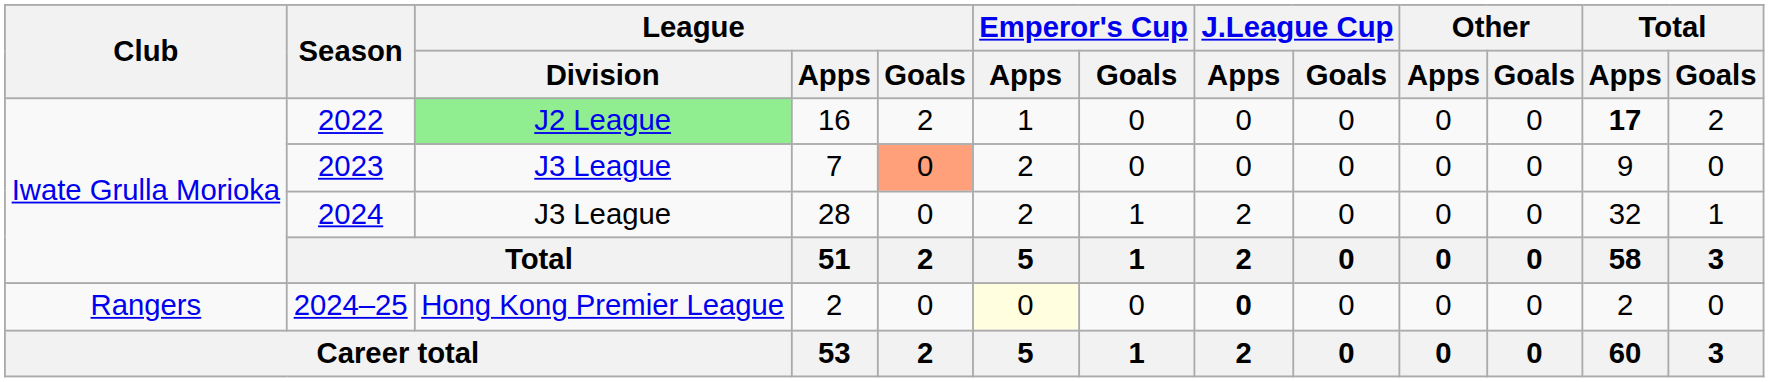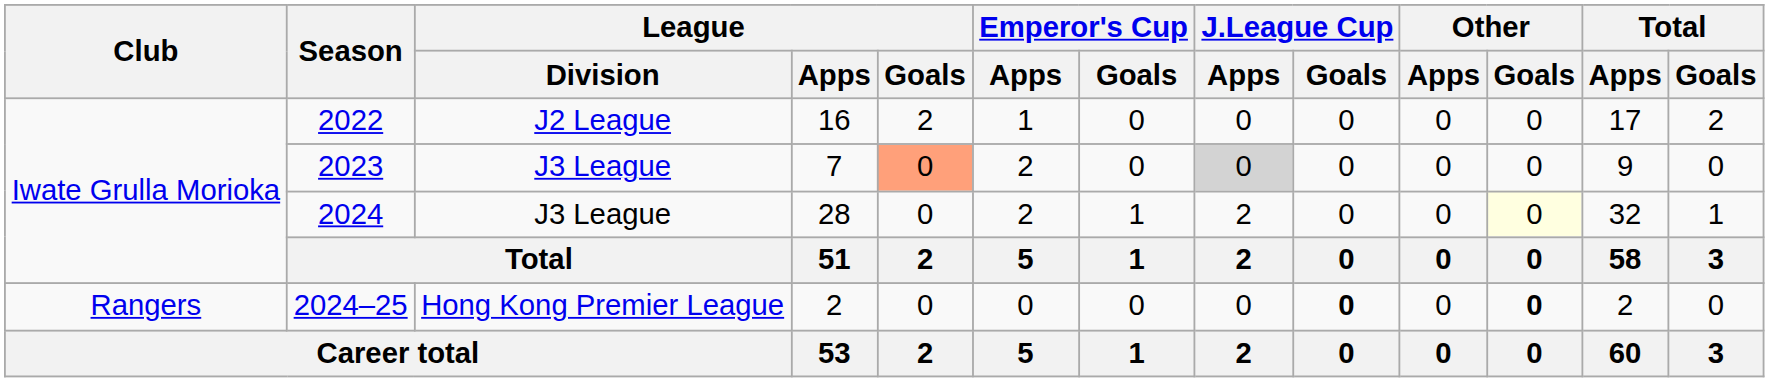 <table class="wikitable" style="text-align: center">
 <tr>
 <th rowspan="2">Club</th>
 <th rowspan="2">Season</th>
 <th colspan="3">League</th>
 <th colspan="2"><a href='#'>Emperor's Cup</a></th>
 <th colspan="2"><a href='#'>J.League Cup</a></th>
 <th colspan="2">Other</th>
 <th colspan="2">Total</th>
 </tr>
 <tr>
 <th>Division</th>
 <th>Apps</th>
 <th>Goals</th>
 <th>Apps</th>
 <th>Goals</th>
 <th>Apps</th>
 <th>Goals</th>
 <th>Apps</th>
 <th>Goals</th>
 <th>Apps</th>
 <th>Goals</th>
 </tr>
 <tr>
 <td rowspan="4"><a href='#'>Iwate Grulla Morioka</a></td>
 <td><a href='#'>2022</a></td>
-<td style="background: lightgreen;"><a href='#'>J2 League</a></td>
+<td><a href='#'>J2 League</a></td>
 <td>16</td>
 <td>2</td>
 <td>1</td>
 <td>0</td>
 <td>0</td>
 <td>0</td>
 <td>0</td>
 <td>0</td>
-<td><strong>17</strong></td>
+<td>17</td>
 <td>2</td>
 </tr>
 <tr>
 <td><a href='#'>2023</a></td>
 <td><a href='#'>J3 League</a></td>
 <td>7</td>
 <td style="background: lightsalmon;">0</td>
 <td>2</td>
 <td>0</td>
-<td>0</td>
+<td style="background: lightgrey;">0</td>
 <td>0</td>
 <td>0</td>
 <td>0</td>
 <td>9</td>
 <td>0</td>
 </tr>
 <tr>
 <td><a href='#'>2024</a></td>
 <td>J3 League</td>
 <td>28</td>
 <td>0</td>
 <td>2</td>
 <td>1</td>
 <td>2</td>
 <td>0</td>
 <td>0</td>
-<td>0</td>
+<td style="background: lightyellow;">0</td>
 <td>32</td>
 <td>1</td>
 </tr>
 <tr>
 <th colspan=2>Total</th>
 <th>51</th>
 <th>2</th>
 <th>5</th>
 <th>1</th>
 <th>2</th>
 <th>0</th>
 <th>0</th>
 <th>0</th>
 <th>58</th>
 <th>3</th>
 </tr>
 <tr>
 <td><a href='#'>Rangers</a></td>
 <td><a href='#'>2024–25</a></td>
 <td><a href='#'>Hong Kong Premier League</a></td>
 <td>2</td>
 <td>0</td>
-<td style="background: lightyellow;">0</td>
+<td>0</td>
+<td>0</td>
 <td>0</td>
 <td><strong>0</strong></td>
 <td>0</td>
-<td>0</td>
-<td>0</td>
+<td><strong>0</strong></td>
 <td>2</td>
 <td>0</td>
 </tr>
 <tr>
 <th colspan=3>Career total</th>
 <th>53</th>
 <th>2</th>
 <th>5</th>
 <th>1</th>
 <th>2</th>
 <th>0</th>
 <th>0</th>
 <th>0</th>
 <th>60</th>
 <th>3</th>
 </tr>
 </table>
